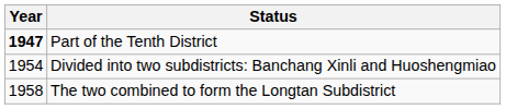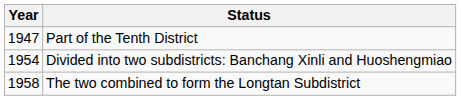 <table class="wikitable">
 <tr>
 <th>Year</th>
 <th>Status</th>
 </tr>
 <tr>
-<td><strong>1947</strong></td>
+<td>1947</td>
 <td>Part of the Tenth District</td>
 </tr>
 <tr>
 <td>1954</td>
 <td>Divided into two subdistricts: Banchang Xinli and Huoshengmiao</td>
 </tr>
 <tr>
 <td>1958</td>
 <td>The two combined to form the Longtan Subdistrict</td>
 </tr>
 </table>
